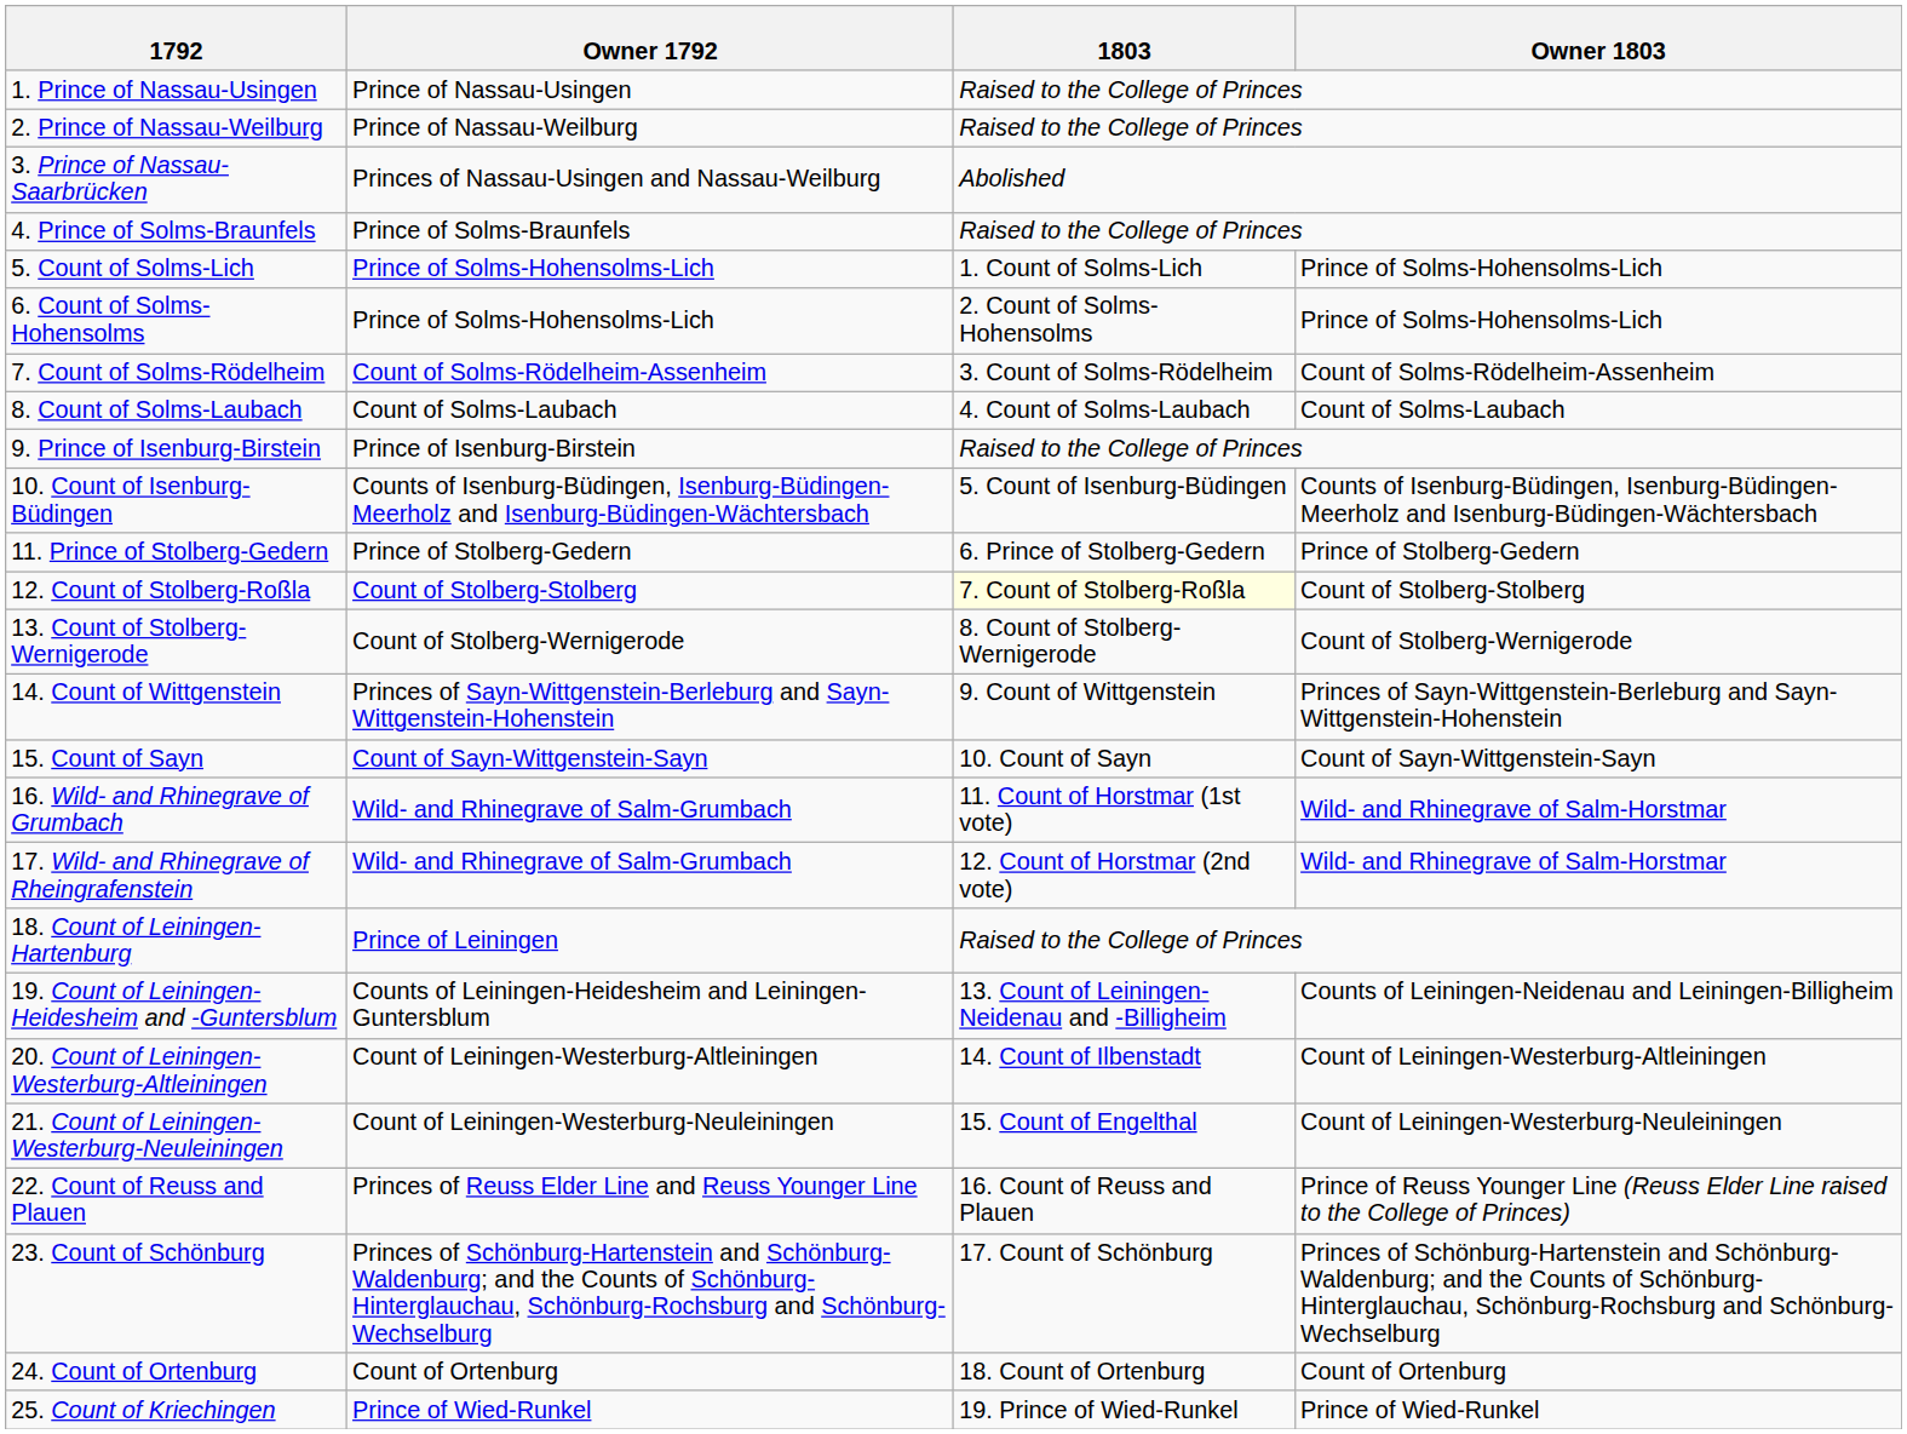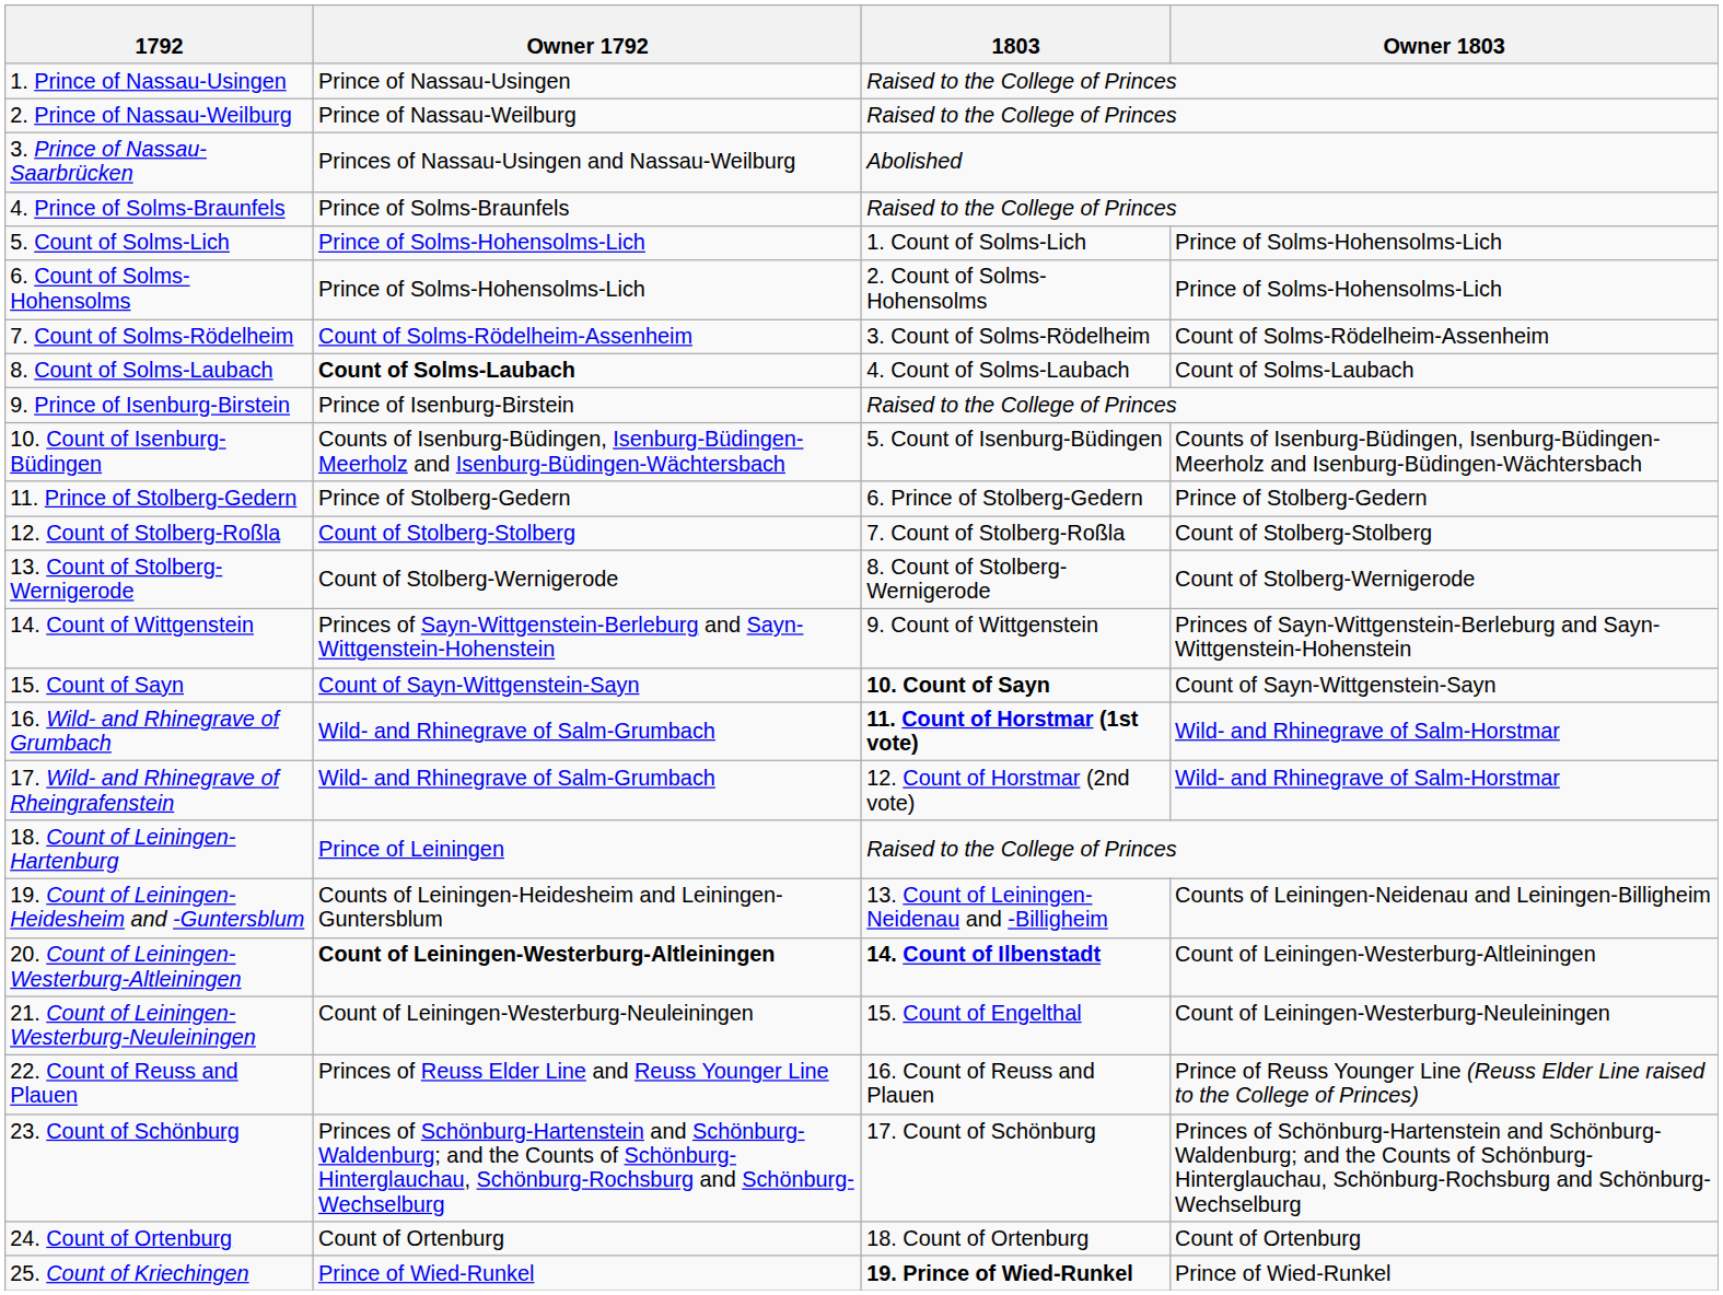 <table class="wikitable" style="width: 100%">
 <tr>
 <th width=18%><br>1792</th>
 <th width=32%><br>Owner 1792</th>
 <th width=18%><br>1803</th>
 <th width=32%><br>Owner 1803</th>
 </tr>
 <tr>
 <td>1. <a href='#'>Prince of Nassau-Usingen</a></td>
 <td>Prince of Nassau-Usingen</td>
 <td colspan="2"><em>Raised to the College of Princes</em></td>
 </tr>
 <tr>
 <td>2. <a href='#'>Prince of Nassau-Weilburg</a></td>
 <td>Prince of Nassau-Weilburg</td>
 <td colspan="2"><em>Raised to the College of Princes</em></td>
 </tr>
 <tr>
 <td>3. <em><a href='#'>Prince of Nassau-Saarbrücken</a></em></td>
 <td>Princes of Nassau-Usingen and Nassau-Weilburg</td>
 <td colspan="2"><em>Abolished</em></td>
 </tr>
 <tr>
 <td>4. <a href='#'>Prince of Solms-Braunfels</a></td>
 <td>Prince of Solms-Braunfels</td>
 <td colspan="2"><em>Raised to the College of Princes</em></td>
 </tr>
 <tr>
 <td>5. <a href='#'>Count of Solms-Lich</a></td>
 <td><a href='#'>Prince of Solms-Hohensolms-Lich</a></td>
 <td>1. Count of Solms-Lich</td>
 <td>Prince of Solms-Hohensolms-Lich</td>
 </tr>
 <tr>
 <td>6. <a href='#'>Count of Solms-Hohensolms</a></td>
 <td>Prince of Solms-Hohensolms-Lich</td>
 <td>2. Count of Solms-Hohensolms</td>
 <td>Prince of Solms-Hohensolms-Lich</td>
 </tr>
 <tr>
 <td>7. <a href='#'>Count of Solms-Rödelheim</a></td>
 <td><a href='#'>Count of Solms-Rödelheim-Assenheim</a></td>
 <td>3. Count of Solms-Rödelheim</td>
 <td>Count of Solms-Rödelheim-Assenheim</td>
 </tr>
 <tr>
 <td>8. <a href='#'>Count of Solms-Laubach</a></td>
-<td>Count of Solms-Laubach</td>
+<td><strong>Count of Solms-Laubach</strong></td>
 <td>4. Count of Solms-Laubach</td>
 <td>Count of Solms-Laubach</td>
 </tr>
 <tr>
 <td>9. <a href='#'>Prince of Isenburg-Birstein</a></td>
 <td>Prince of Isenburg-Birstein</td>
 <td colspan="2"><em>Raised to the College of Princes</em></td>
 </tr>
 <tr style="vertical-align: top">
 <td>10. <a href='#'>Count of Isenburg-Büdingen</a></td>
 <td>Counts of Isenburg-Büdingen, <a href='#'>Isenburg-Büdingen-Meerholz</a> and <a href='#'>Isenburg-Büdingen-Wächtersbach</a></td>
 <td>5. Count of Isenburg-Büdingen</td>
 <td>Counts of Isenburg-Büdingen, Isenburg-Büdingen-Meerholz and Isenburg-Büdingen-Wächtersbach</td>
 </tr>
 <tr>
 <td>11. <a href='#'>Prince of Stolberg-Gedern</a></td>
 <td>Prince of Stolberg-Gedern</td>
 <td>6. Prince of Stolberg-Gedern</td>
 <td>Prince of Stolberg-Gedern</td>
 </tr>
 <tr>
 <td>12. <a href='#'>Count of Stolberg-Roßla</a></td>
 <td><a href='#'>Count of Stolberg-Stolberg</a></td>
-<td style="background: lightyellow;">7. Count of Stolberg-Roßla</td>
+<td>7. Count of Stolberg-Roßla</td>
 <td>Count of Stolberg-Stolberg</td>
 </tr>
 <tr>
 <td>13. <a href='#'>Count of Stolberg-Wernigerode</a></td>
 <td>Count of Stolberg-Wernigerode</td>
 <td>8. Count of Stolberg-Wernigerode</td>
 <td>Count of Stolberg-Wernigerode</td>
 </tr>
 <tr style="vertical-align: top">
 <td>14. <a href='#'>Count of Wittgenstein</a></td>
 <td>Princes of <a href='#'>Sayn-Wittgenstein-Berleburg</a> and <a href='#'>Sayn-Wittgenstein-Hohenstein</a></td>
 <td>9. Count of Wittgenstein</td>
 <td>Princes of Sayn-Wittgenstein-Berleburg and Sayn-Wittgenstein-Hohenstein</td>
 </tr>
 <tr>
 <td>15. <a href='#'>Count of Sayn</a></td>
 <td><a href='#'>Count of Sayn-Wittgenstein-Sayn</a></td>
-<td>10. Count of Sayn</td>
+<td><strong>10. Count of Sayn</strong></td>
 <td>Count of Sayn-Wittgenstein-Sayn</td>
 </tr>
 <tr>
 <td>16. <em><a href='#'>Wild- and Rhinegrave of Grumbach</a></em></td>
 <td><a href='#'>Wild- and Rhinegrave of Salm-Grumbach</a></td>
-<td>11. <a href='#'>Count of Horstmar</a> (1st vote)</td>
+<td><strong>11. <a href='#'>Count of Horstmar</a> (1st vote)</strong></td>
 <td><a href='#'>Wild- and Rhinegrave of Salm-Horstmar</a></td>
 </tr>
 <tr style="vertical-align: top">
 <td>17. <em><a href='#'>Wild- and Rhinegrave of Rheingrafenstein</a></em></td>
 <td><a href='#'>Wild- and Rhinegrave of Salm-Grumbach</a></td>
 <td>12. <a href='#'>Count of Horstmar</a> (2nd vote)</td>
 <td><a href='#'>Wild- and Rhinegrave of Salm-Horstmar</a></td>
 </tr>
 <tr>
 <td>18. <em><a href='#'>Count of Leiningen-Hartenburg</a></em></td>
 <td><a href='#'>Prince of Leiningen</a></td>
 <td colspan="2"><em>Raised to the College of Princes</em></td>
 </tr>
 <tr style="vertical-align: top">
 <td>19. <em><a href='#'>Count of Leiningen-Heidesheim</a> and <a href='#'>-Guntersblum</a></em></td>
 <td>Counts of Leiningen-Heidesheim and Leiningen-Guntersblum</td>
 <td>13. <a href='#'>Count of Leiningen-Neidenau</a> and <a href='#'>-Billigheim</a></td>
 <td>Counts of Leiningen-Neidenau and Leiningen-Billigheim</td>
 </tr>
 <tr style="vertical-align: top">
 <td>20. <em><a href='#'>Count of Leiningen-Westerburg-Altleiningen</a></em></td>
-<td>Count of Leiningen-Westerburg-Altleiningen</td>
-<td>14. <a href='#'>Count of Ilbenstadt</a></td>
+<td><strong>Count of Leiningen-Westerburg-Altleiningen</strong></td>
+<td><strong>14. <a href='#'>Count of Ilbenstadt</a></strong></td>
 <td>Count of Leiningen-Westerburg-Altleiningen</td>
 </tr>
 <tr style="vertical-align: top">
 <td>21. <em><a href='#'>Count of Leiningen-Westerburg-Neuleiningen</a></em></td>
 <td>Count of Leiningen-Westerburg-Neuleiningen</td>
 <td>15. <a href='#'>Count of Engelthal</a></td>
 <td>Count of Leiningen-Westerburg-Neuleiningen</td>
 </tr>
 <tr style="vertical-align: top">
 <td>22. <a href='#'>Count of Reuss and Plauen</a></td>
 <td>Princes of <a href='#'>Reuss Elder Line</a> and <a href='#'>Reuss Younger Line</a></td>
 <td>16. Count of Reuss and Plauen</td>
 <td>Prince of Reuss Younger Line <em>(Reuss Elder Line raised to the College of Princes)</em></td>
 </tr>
 <tr style="vertical-align: top">
 <td>23. <a href='#'>Count of Schönburg</a></td>
 <td>Princes of <a href='#'>Schönburg-Hartenstein</a> and <a href='#'>Schönburg-Waldenburg</a>; and the Counts of <a href='#'>Schönburg-Hinterglauchau</a>, <a href='#'>Schönburg-Rochsburg</a> and <a href='#'>Schönburg-Wechselburg</a></td>
 <td>17. Count of Schönburg</td>
 <td>Princes of Schönburg-Hartenstein and Schönburg-Waldenburg; and the Counts of Schönburg-Hinterglauchau, Schönburg-Rochsburg and Schönburg-Wechselburg</td>
 </tr>
 <tr>
 <td>24. <a href='#'>Count of Ortenburg</a></td>
 <td>Count of Ortenburg</td>
 <td>18. Count of Ortenburg</td>
 <td>Count of Ortenburg</td>
 </tr>
 <tr>
 <td>25. <em><a href='#'>Count of Kriechingen</a></em></td>
 <td><a href='#'>Prince of Wied-Runkel</a></td>
-<td>19. Prince of Wied-Runkel</td>
+<td><strong>19. Prince of Wied-Runkel</strong></td>
 <td>Prince of Wied-Runkel</td>
 </tr>
 </table>
